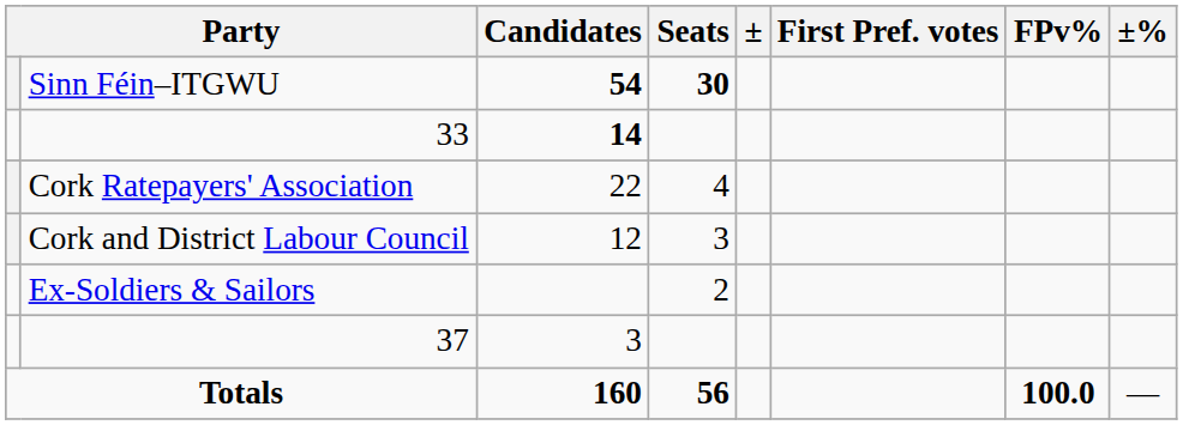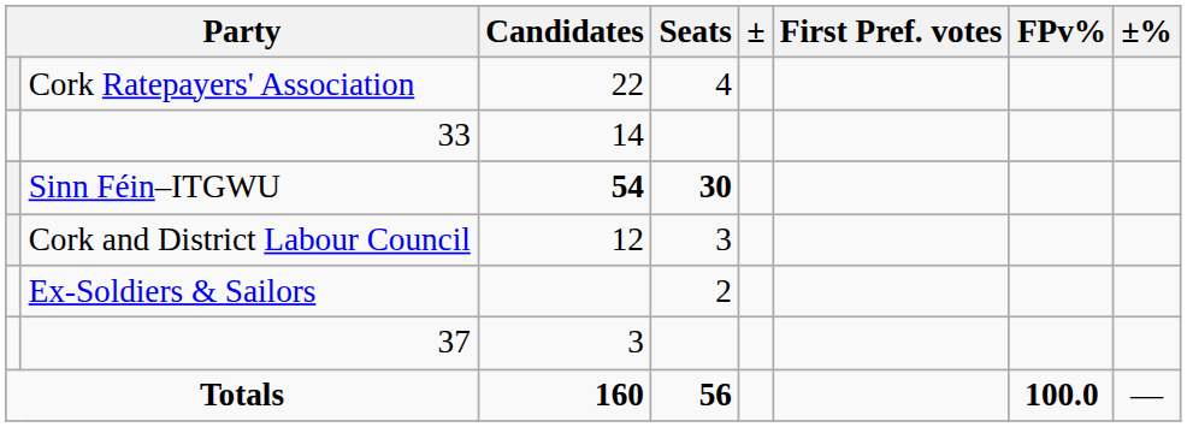 <table class=wikitable>
 <tr>
 <th colspan=2 align=center>Party</th>
 <th valign=top>Candidates</th>
 <th valign=top>Seats</th>
 <th valign=top>±</th>
 <th valign=top>First Pref. votes</th>
 <th valign=top>FPv%</th>
 <th valign=top>±%</th>
 </tr>
 <tr>
 <th style="background-color: "></th>
-<td><a href='#'>Sinn Féin</a>–ITGWU</td>
-<td align=right><strong>54</strong></td>
-<td align=right><strong>30</strong></td>
+<td>Cork <a href='#'>Ratepayers' Association</a></td>
+<td align=right>22</td>
+<td align=right>4</td>
 <td align=right></td>
 <td align=right></td>
 <td align=right></td>
 <td align=right></td>
 </tr>
 <tr>
 <td></td>
 <td align=right>33</td>
-<td align=right><strong>14</strong></td>
+<td align=right>14</td>
 <td align=right></td>
 <td align=right></td>
 <td align=right></td>
 <td align=right></td>
 </tr>
 <tr>
 <th style="background-color: "></th>
-<td>Cork <a href='#'>Ratepayers' Association</a></td>
-<td align=right>22</td>
-<td align=right>4</td>
+<td><a href='#'>Sinn Féin</a>–ITGWU</td>
+<td align=right><strong>54</strong></td>
+<td align=right><strong>30</strong></td>
 <td align=right></td>
 <td align=right></td>
 <td align=right></td>
 <td align=right></td>
 </tr>
 <tr>
 <th style="background-color: "></th>
 <td>Cork and District <a href='#'>Labour Council</a></td>
 <td align=right>12</td>
 <td align=right>3</td>
 <td align=right></td>
 <td align=right></td>
 <td align=right></td>
 <td align=right></td>
 </tr>
 <tr>
 <td></td>
 <td><a href='#'>Ex-Soldiers & Sailors</a></td>
 <td align=right></td>
 <td align=right>2</td>
 <td align=right></td>
 <td align=right></td>
 <td align=right></td>
 <td align=right></td>
 </tr>
 <tr>
 <td></td>
 <td align=right>37</td>
 <td align=right>3</td>
 <td align=right></td>
 <td align=right></td>
 <td align=right></td>
 <td align=right></td>
 </tr>
 <tr>
 <td colspan=2 align=center><strong>Totals</strong></td>
 <td align=right><strong>160</strong></td>
 <td align=right><strong>56</strong></td>
 <td align=center></td>
 <td align=right></td>
 <td align=center><strong>100.0</strong></td>
 <td align=center>—</td>
 </tr>
 </table>
